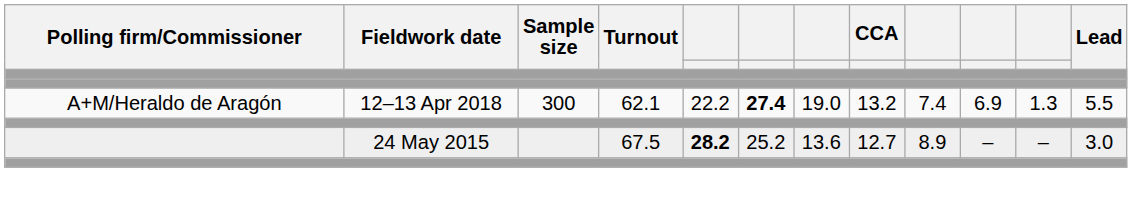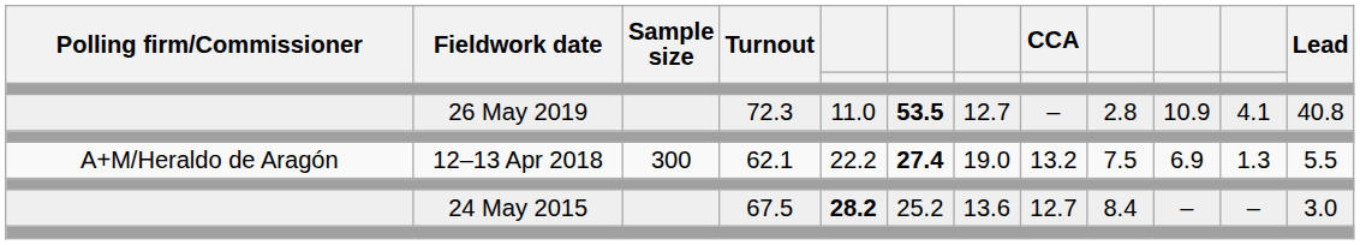 <table class="wikitable collapsible collapsed" style="text-align:center; font-size:95%; line-height:16px;">
 <tr style="height:42px;">
 <th style="width:250px;" rowspan="2">Polling firm/Commissioner</th>
 <th style="width:125px;" rowspan="2">Fieldwork date</th>
 <th style="width:50px;" rowspan="2">Sample size</th>
 <th style="width:45px;" rowspan="2">Turnout</th>
 <th style="width:35px;"></th>
 <th style="width:35px;"></th>
 <th style="width:35px;"></th>
 <th style="width:35px;">CCA</th>
 <th style="width:35px;"></th>
 <th style="width:35px;"></th>
 <th style="width:35px;"></th>
 <th style="width:30px;" rowspan="2">Lead</th>
 </tr>
 <tr>
 <th style="color:inherit;background:"></th>
 <th style="color:inherit;background:"></th>
 <th style="color:inherit;background:"></th>
 <th style="color:inherit;background:"></th>
 <th style="color:inherit;background:"></th>
 <th style="color:inherit;background:"></th>
 <th style="color:inherit;background:"></th>
 </tr>
 <tr>
 <td colspan="12" style="background:#A0A0A0"></td>
 </tr>
+<tr style="background:#EFEFEF;">
+<td><strong></strong></td>
+<td>26 May 2019</td>
+<td></td>
+<td>72.3</td>
+<td>11.0<br></td>
+<td><strong>53.5</strong><br></td>
+<td>12.7<br></td>
+<td>–</td>
+<td>2.8<br></td>
+<td>10.9<br></td>
+<td>4.1<br></td>
+<td style="background:">40.8</td>
+</tr>
 <tr>
 <td colspan="12" style="background:#A0A0A0"></td>
 </tr>
 <tr>
 <td>A+M/Heraldo de Aragón</td>
 <td>12–13 Apr 2018</td>
 <td>300</td>
 <td>62.1</td>
 <td>22.2<br></td>
 <td><strong>27.4</strong><br></td>
 <td>19.0<br></td>
 <td>13.2<br></td>
-<td>7.4<br></td>
+<td>7.5<br></td>
 <td>6.9<br></td>
 <td>1.3<br></td>
 <td style="background:">5.5</td>
 </tr>
 <tr>
 <td colspan="12" style="background:#A0A0A0"></td>
 </tr>
 <tr style="background:#EFEFEF;">
 <td><strong></strong></td>
 <td>24 May 2015</td>
 <td></td>
 <td>67.5</td>
 <td><strong>28.2</strong><br></td>
 <td>25.2<br></td>
 <td>13.6<br></td>
 <td>12.7<br></td>
-<td>8.9<br></td>
+<td>8.4<br></td>
 <td>–</td>
 <td>–</td>
 <td style="background:">3.0</td>
 </tr>
 <tr>
 <td colspan="12" style="background:#A0A0A0"></td>
 </tr>
 </table>
